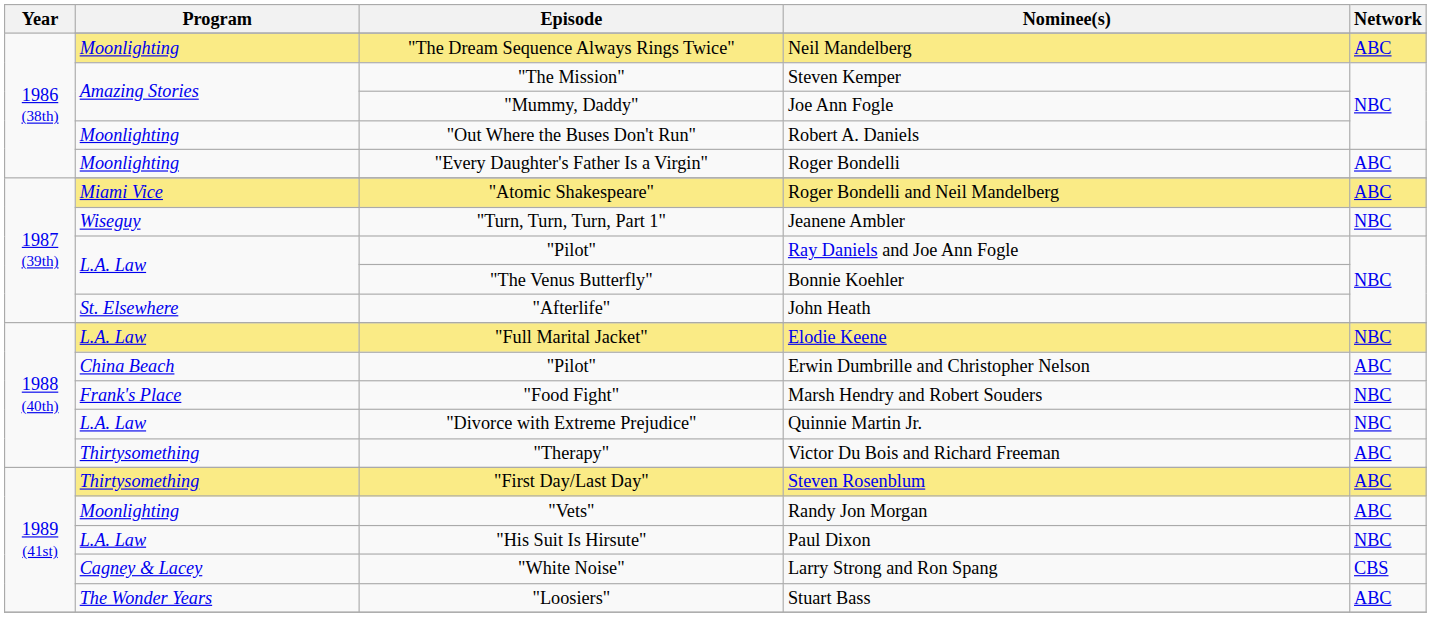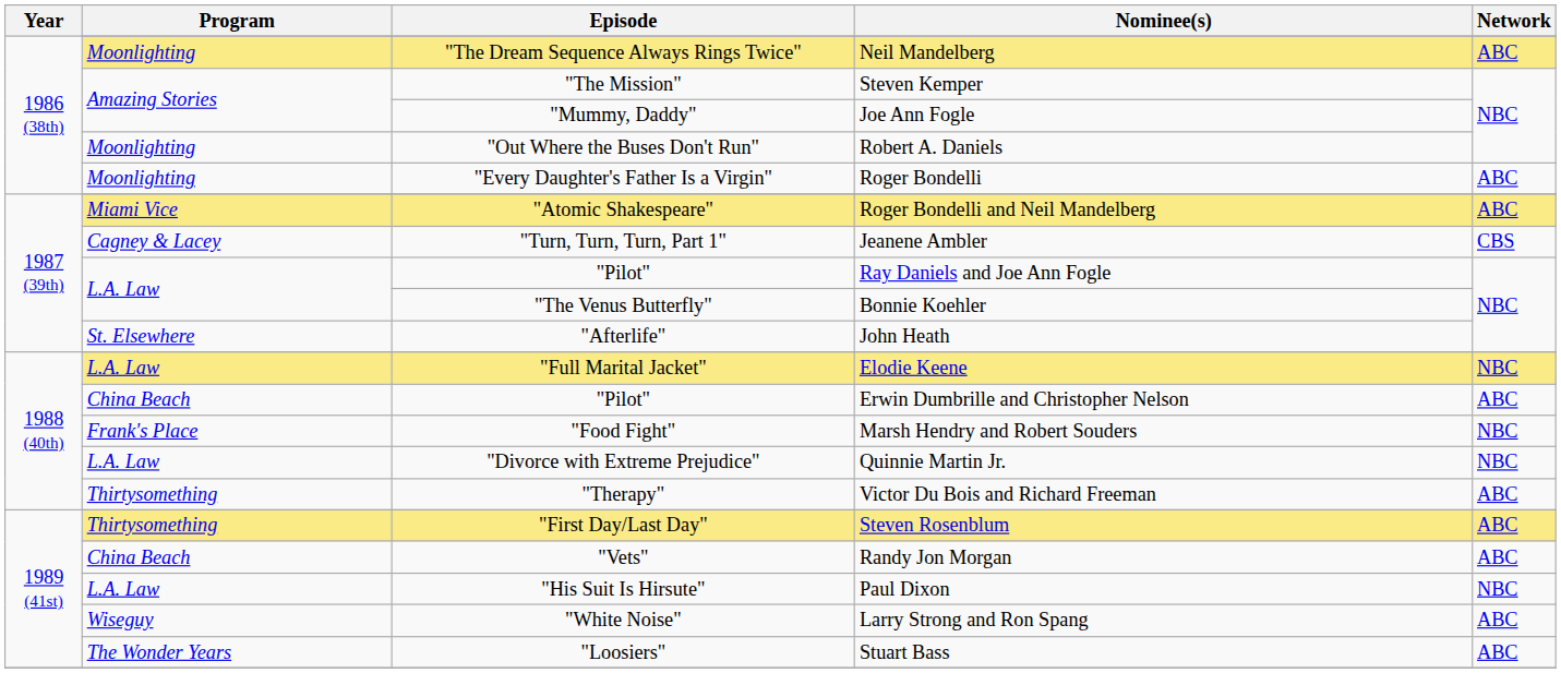 <table class="wikitable">
 <tr>
 <th width="5%">Year</th>
 <th width="20%">Program</th>
 <th width="30%">Episode</th>
 <th width="40%">Nominee(s)</th>
 <th width="5%">Network</th>
 </tr>
 <tr>
 <td rowspan=6 style="text-align:center;"><a href='#'>1986</a><br><small><a href='#'>(38th)</a></small><br></td>
 </tr>
 <tr style="background:#FAEB86;">
 <td><em><a href='#'>Moonlighting</a></em></td>
 <td align=center>"The Dream Sequence Always Rings Twice"</td>
 <td>Neil Mandelberg</td>
 <td><a href='#'>ABC</a></td>
 </tr>
 <tr>
 <td rowspan=2><em><a href='#'>Amazing Stories</a></em></td>
 <td align=center>"The Mission"</td>
 <td>Steven Kemper</td>
 <td rowspan=3><a href='#'>NBC</a></td>
 </tr>
 <tr>
 <td align=center>"Mummy, Daddy"</td>
 <td>Joe Ann Fogle</td>
 </tr>
 <tr>
 <td><em><a href='#'>Moonlighting</a></em></td>
 <td align=center>"Out Where the Buses Don't Run"</td>
 <td>Robert A. Daniels</td>
 </tr>
 <tr>
 <td><em><a href='#'>Moonlighting</a></em></td>
 <td align=center>"Every Daughter's Father Is a Virgin"</td>
 <td>Roger Bondelli</td>
 <td><a href='#'>ABC</a></td>
 </tr>
 <tr>
 <td rowspan=6 style="text-align:center;"><a href='#'>1987</a><br><small><a href='#'>(39th)</a></small><br></td>
 </tr>
 <tr style="background:#FAEB86;">
 <td><em><a href='#'>Miami Vice</a></em></td>
 <td align=center>"Atomic Shakespeare"</td>
 <td>Roger Bondelli and Neil Mandelberg</td>
 <td><a href='#'>ABC</a></td>
 </tr>
 <tr>
-<td><em><a href='#'>Wiseguy</a></em></td>
+<td><em><a href='#'>Cagney & Lacey</a></em></td>
 <td align=center>"Turn, Turn, Turn, Part 1"</td>
 <td>Jeanene Ambler</td>
-<td><a href='#'>NBC</a></td>
+<td><a href='#'>CBS</a></td>
 </tr>
 <tr>
 <td rowspan=2><em><a href='#'>L.A. Law</a></em></td>
 <td align=center>"Pilot"</td>
 <td><a href='#'>Ray Daniels</a> and Joe Ann Fogle</td>
 <td rowspan=3><a href='#'>NBC</a></td>
 </tr>
 <tr>
 <td align=center>"The Venus Butterfly"</td>
 <td>Bonnie Koehler</td>
 </tr>
 <tr>
 <td><em><a href='#'>St. Elsewhere</a></em></td>
 <td align=center>"Afterlife"</td>
 <td>John Heath</td>
 </tr>
 <tr>
 <td rowspan=6 style="text-align:center;"><a href='#'>1988</a><br><small><a href='#'>(40th)</a></small><br></td>
 </tr>
 <tr style="background:#FAEB86;">
 <td><em><a href='#'>L.A. Law</a></em></td>
 <td align=center>"Full Marital Jacket"</td>
 <td><a href='#'>Elodie Keene</a></td>
 <td><a href='#'>NBC</a></td>
 </tr>
 <tr>
 <td><em><a href='#'>China Beach</a></em></td>
 <td align=center>"Pilot"</td>
 <td>Erwin Dumbrille and Christopher Nelson</td>
 <td><a href='#'>ABC</a></td>
 </tr>
 <tr>
 <td><em><a href='#'>Frank's Place</a></em></td>
 <td align=center>"Food Fight"</td>
 <td>Marsh Hendry and Robert Souders</td>
 <td><a href='#'>NBC</a></td>
 </tr>
 <tr>
 <td><em><a href='#'>L.A. Law</a></em></td>
 <td align=center>"Divorce with Extreme Prejudice"</td>
 <td>Quinnie Martin Jr.</td>
 <td><a href='#'>NBC</a></td>
 </tr>
 <tr>
 <td><em><a href='#'>Thirtysomething</a></em></td>
 <td align=center>"Therapy"</td>
 <td>Victor Du Bois and Richard Freeman</td>
 <td><a href='#'>ABC</a></td>
 </tr>
 <tr>
 <td rowspan=6 style="text-align:center;"><a href='#'>1989</a><br><small><a href='#'>(41st)</a></small><br></td>
 </tr>
 <tr style="background:#FAEB86;">
 <td><em><a href='#'>Thirtysomething</a></em></td>
 <td align=center>"First Day/Last Day"</td>
 <td><a href='#'>Steven Rosenblum</a></td>
 <td><a href='#'>ABC</a></td>
 </tr>
 <tr>
-<td><em><a href='#'>Moonlighting</a></em></td>
+<td><em><a href='#'>China Beach</a></em></td>
 <td align=center>"Vets"</td>
 <td>Randy Jon Morgan</td>
 <td><a href='#'>ABC</a></td>
 </tr>
 <tr>
 <td><em><a href='#'>L.A. Law</a></em></td>
 <td align=center>"His Suit Is Hirsute"</td>
 <td>Paul Dixon</td>
 <td><a href='#'>NBC</a></td>
 </tr>
 <tr>
-<td><em><a href='#'>Cagney & Lacey</a></em></td>
+<td><em><a href='#'>Wiseguy</a></em></td>
 <td align=center>"White Noise"</td>
 <td>Larry Strong and Ron Spang</td>
-<td><a href='#'>CBS</a></td>
+<td><a href='#'>ABC</a></td>
 </tr>
 <tr>
 <td><em><a href='#'>The Wonder Years</a></em></td>
 <td align=center>"Loosiers"</td>
 <td>Stuart Bass</td>
 <td><a href='#'>ABC</a></td>
 </tr>
 <tr>
 </tr>
 </table>
